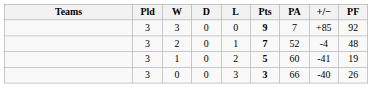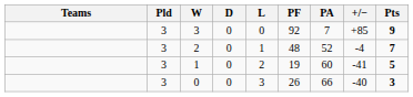 <table class="wikitable" style="text-align: center;">
 <tr>
 <th width="200">Teams</th>
 <th width="40">Pld</th>
 <th width="40">W</th>
 <th width="40">D</th>
 <th width="40">L</th>
-<th width="40">Pts</th>
+<th width="40">PF</th>
 <th width="40">PA</th>
 <th width="40">+/−</th>
-<th width="40">PF</th>
+<th width="40">Pts</th>
 </tr>
 <tr>
 <td align=left></td>
 <td>3</td>
 <td>3</td>
 <td>0</td>
 <td>0</td>
-<td><strong>9</strong></td>
+<td>92</td>
 <td>7</td>
 <td>+85</td>
-<td>92</td>
+<td><strong>9</strong></td>
 </tr>
 <tr>
 <td align=left></td>
 <td>3</td>
 <td>2</td>
 <td>0</td>
 <td>1</td>
-<td><strong>7</strong></td>
+<td>48</td>
 <td>52</td>
 <td>-4</td>
-<td>48</td>
+<td><strong>7</strong></td>
 </tr>
 <tr>
 <td align=left></td>
 <td>3</td>
 <td>1</td>
 <td>0</td>
 <td>2</td>
-<td><strong>5</strong></td>
+<td>19</td>
 <td>60</td>
 <td>-41</td>
-<td>19</td>
+<td><strong>5</strong></td>
 </tr>
 <tr>
 <td align=left></td>
 <td>3</td>
 <td>0</td>
 <td>0</td>
 <td>3</td>
-<td><strong>3</strong></td>
+<td>26</td>
 <td>66</td>
 <td>-40</td>
-<td>26</td>
+<td><strong>3</strong></td>
 </tr>
 </table>
